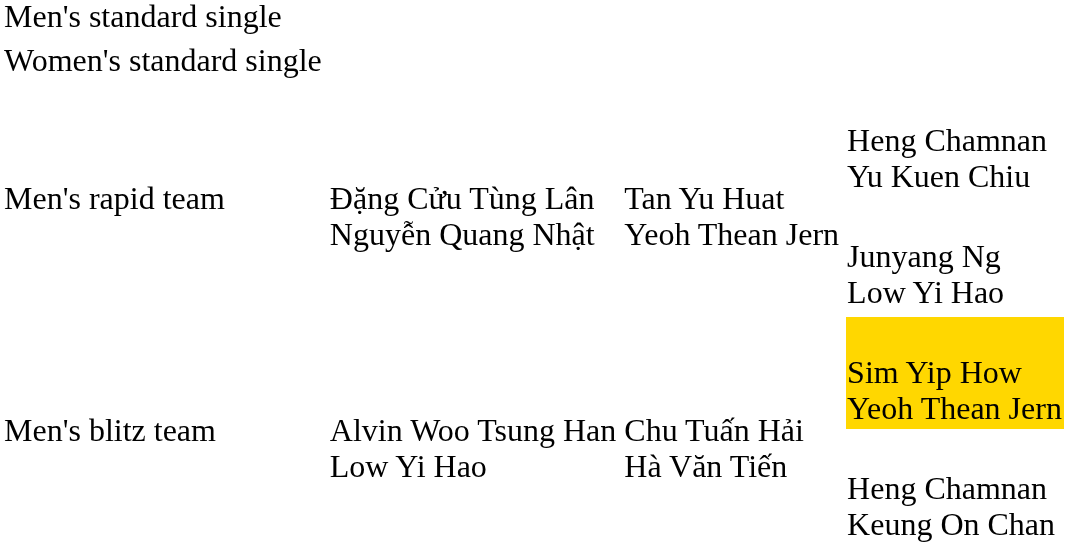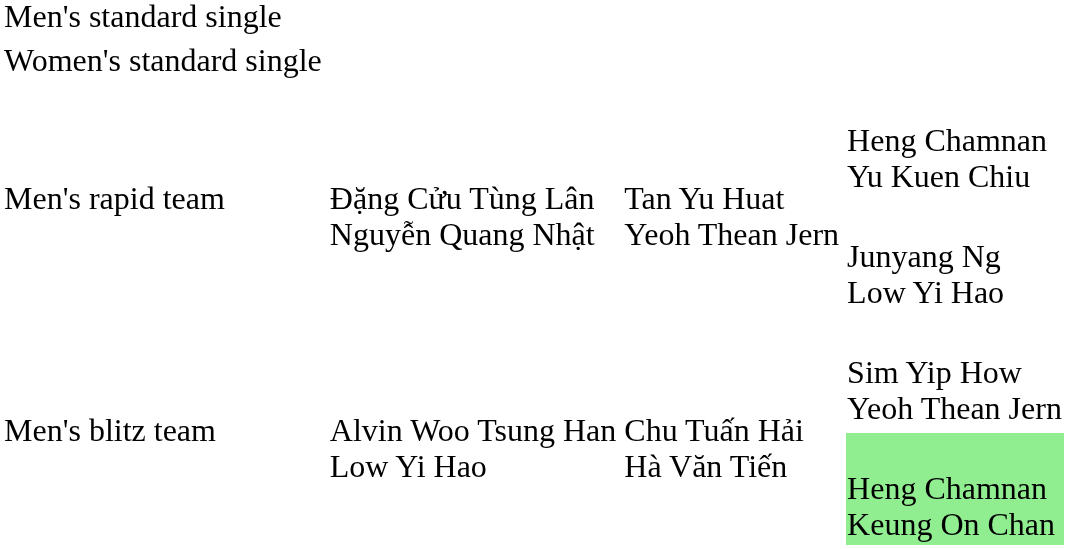 <table>
 <tr>
 <td rowspan=2>Men's standard single</td>
 <td rowspan=2></td>
 <td rowspan=2></td>
 <td></td>
 </tr>
 <tr>
 <td></td>
 </tr>
 <tr>
 <td rowspan=2>Women's standard single</td>
 <td rowspan=2></td>
 <td rowspan=2></td>
 <td></td>
 </tr>
 <tr>
 <td></td>
 </tr>
 <tr>
 <td rowspan=2>Men's rapid team</td>
 <td rowspan=2><br>Đặng Cửu Tùng Lân<br>Nguyễn Quang Nhật</td>
 <td rowspan=2><br>Tan Yu Huat<br>Yeoh Thean Jern</td>
 <td><br>Heng Chamnan<br>Yu Kuen Chiu</td>
 </tr>
 <tr>
 <td><br>Junyang Ng<br>Low Yi Hao</td>
 </tr>
 <tr>
 <td rowspan=2>Men's blitz team</td>
 <td rowspan=2><br>Alvin Woo Tsung Han<br>Low Yi Hao</td>
 <td rowspan=2><br>Chu Tuấn Hải<br>Hà Văn Tiến</td>
-<td style="background: gold;"><br>Sim Yip How<br>Yeoh Thean Jern</td>
+<td><br>Sim Yip How<br>Yeoh Thean Jern</td>
 </tr>
 <tr>
-<td><br>Heng Chamnan<br>Keung On Chan</td>
+<td style="background: lightgreen;"><br>Heng Chamnan<br>Keung On Chan</td>
 </tr>
 </table>
